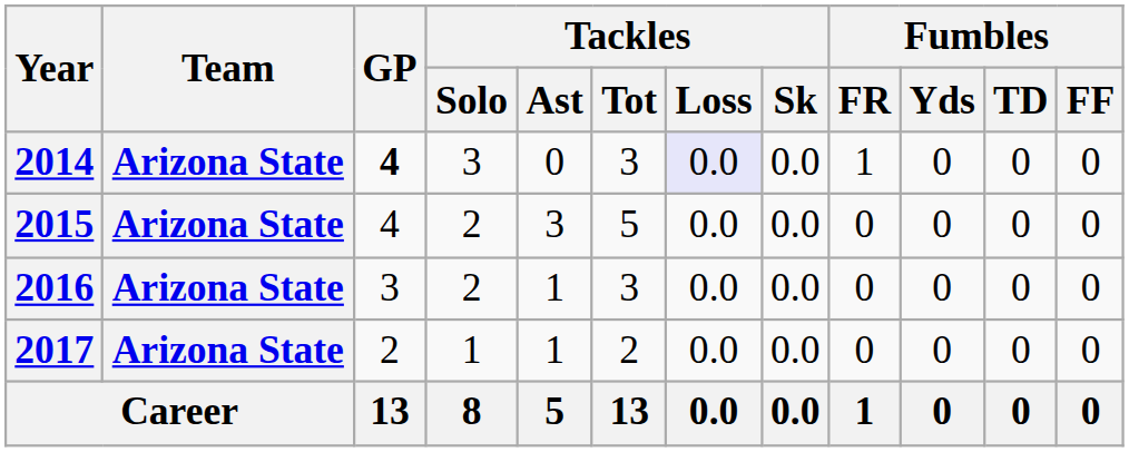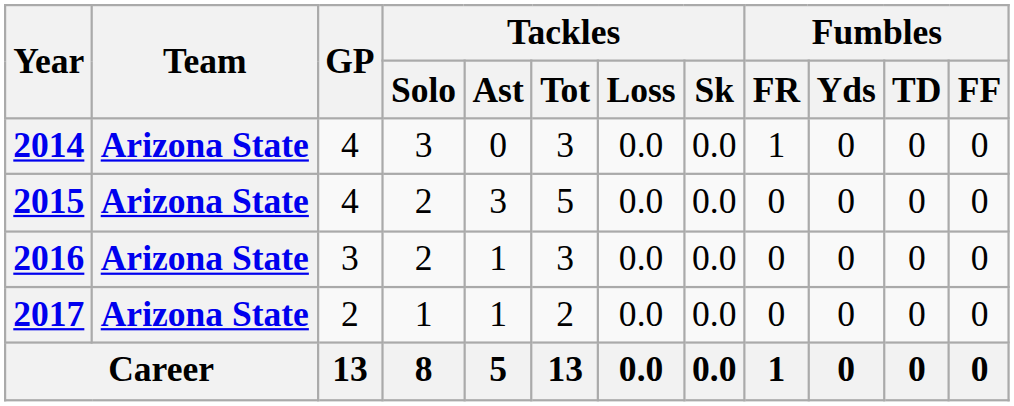 <table class="wikitable" style="text-align:center;">
 <tr>
 <th rowspan="2">Year</th>
 <th rowspan="2">Team</th>
 <th rowspan="2">GP</th>
 <th colspan="5">Tackles</th>
 <th colspan="4">Fumbles</th>
 </tr>
 <tr>
 <th>Solo</th>
 <th>Ast</th>
 <th>Tot</th>
 <th>Loss</th>
 <th>Sk</th>
 <th>FR</th>
 <th>Yds</th>
 <th>TD</th>
 <th>FF</th>
 </tr>
 <tr>
 <th><a href='#'>2014</a></th>
 <th><a href='#'>Arizona State</a></th>
-<td><strong>4</strong></td>
+<td>4</td>
 <td>3</td>
 <td>0</td>
 <td>3</td>
-<td style="background: lavender;">0.0</td>
+<td>0.0</td>
 <td>0.0</td>
 <td>1</td>
 <td>0</td>
 <td>0</td>
 <td>0</td>
 </tr>
 <tr>
 <th><a href='#'>2015</a></th>
 <th><a href='#'>Arizona State</a></th>
 <td>4</td>
 <td>2</td>
 <td>3</td>
 <td>5</td>
 <td>0.0</td>
 <td>0.0</td>
 <td>0</td>
 <td>0</td>
 <td>0</td>
 <td>0</td>
 </tr>
 <tr>
 <th><a href='#'>2016</a></th>
 <th><a href='#'>Arizona State</a></th>
 <td>3</td>
 <td>2</td>
 <td>1</td>
 <td>3</td>
 <td>0.0</td>
 <td>0.0</td>
 <td>0</td>
 <td>0</td>
 <td>0</td>
 <td>0</td>
 </tr>
 <tr>
 <th><a href='#'>2017</a></th>
 <th><a href='#'>Arizona State</a></th>
 <td>2</td>
 <td>1</td>
 <td>1</td>
 <td>2</td>
 <td>0.0</td>
 <td>0.0</td>
 <td>0</td>
 <td>0</td>
 <td>0</td>
 <td>0</td>
 </tr>
 <tr>
 <th colspan="2">Career</th>
 <th>13</th>
 <th>8</th>
 <th>5</th>
 <th>13</th>
 <th>0.0</th>
 <th>0.0</th>
 <th>1</th>
 <th>0</th>
 <th>0</th>
 <th>0</th>
 </tr>
 </table>
